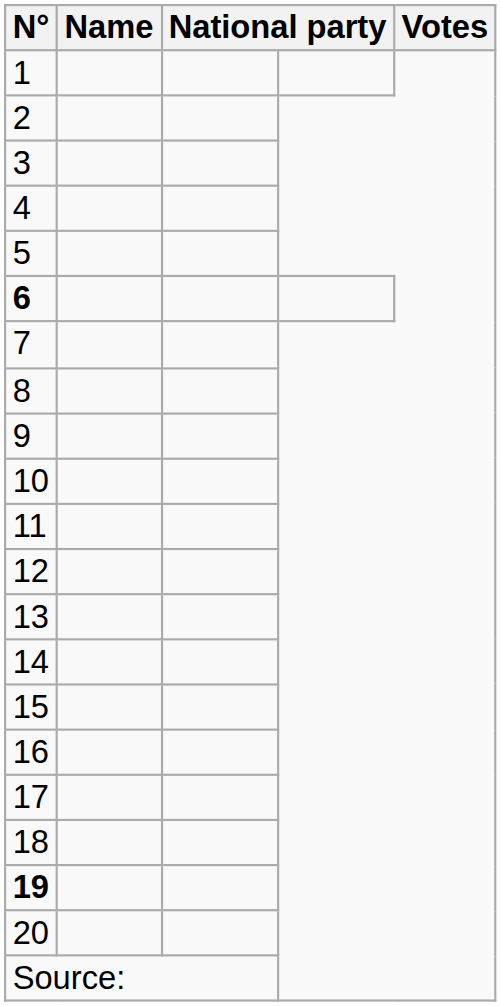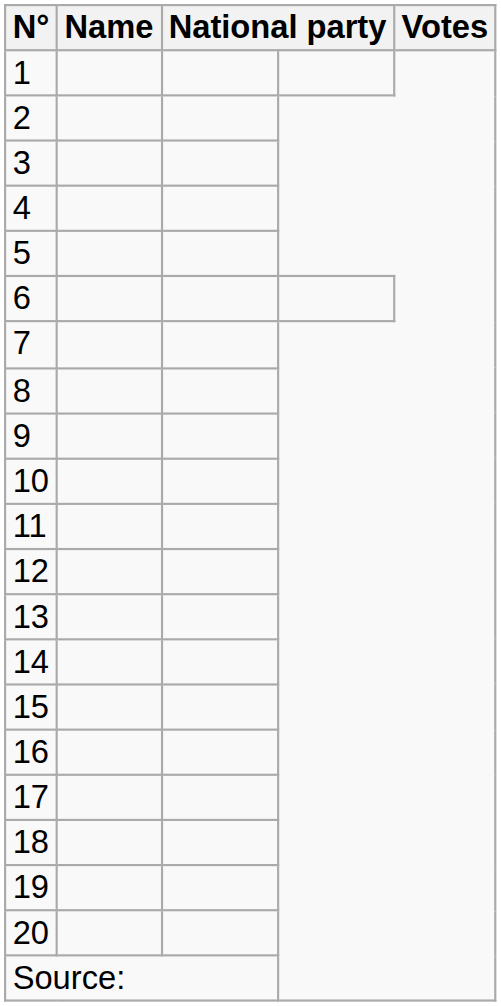 <table class="wikitable sortable" style="font-size:95%;line-height:14px;">
 <tr>
 <th>N°</th>
 <th>Name</th>
 <th colspan="2">National party</th>
 <th>Votes</th>
 </tr>
 <tr>
 <td>1</td>
 <td></td>
 <td></td>
 <td></td>
 </tr>
 <tr>
 <td>2</td>
 <td></td>
 <td></td>
 </tr>
 <tr>
 <td>3</td>
 <td></td>
 <td></td>
 </tr>
 <tr>
 <td>4</td>
 <td><em></em></td>
 <td></td>
 </tr>
 <tr>
 <td>5</td>
 <td><em></em></td>
 <td></td>
 </tr>
 <tr>
-<td><strong>6</strong></td>
+<td>6</td>
 <td></td>
 <td></td>
 <td></td>
 </tr>
 <tr>
 <td>7</td>
 <td></td>
 <td></td>
 </tr>
 <tr>
 <td>8</td>
 <td></td>
 <td></td>
 </tr>
 <tr>
 <td>9</td>
 <td></td>
 <td></td>
 </tr>
 <tr>
 <td>10</td>
 <td></td>
 <td></td>
 </tr>
 <tr>
 <td>11</td>
 <td></td>
 <td></td>
 </tr>
 <tr>
 <td>12</td>
 <td></td>
 <td></td>
 </tr>
 <tr>
 <td>13</td>
 <td></td>
 <td></td>
 </tr>
 <tr>
 <td>14</td>
 <td></td>
 <td></td>
 </tr>
 <tr>
 <td>15</td>
 <td></td>
 <td></td>
 </tr>
 <tr>
 <td>16</td>
 <td></td>
 <td></td>
 </tr>
 <tr>
 <td>17</td>
 <td></td>
 <td></td>
 </tr>
 <tr>
 <td>18</td>
 <td></td>
 <td></td>
 </tr>
 <tr>
-<td><strong>19</strong></td>
+<td>19</td>
 <td></td>
 <td></td>
 </tr>
 <tr>
 <td>20</td>
 <td></td>
 <td></td>
 </tr>
 <tr>
 <td colspan="3">Source: </td>
 </tr>
 </table>
